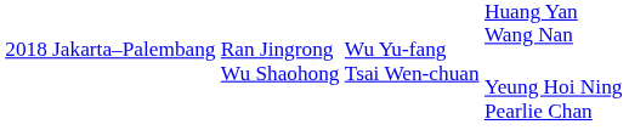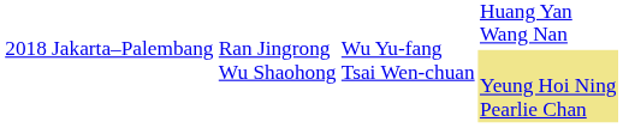 <table>
 <tr>
 <td rowspan=2><a href='#'>2018 Jakarta–Palembang</a></td>
 <td rowspan=2><br><a href='#'>Ran Jingrong</a><br><a href='#'>Wu Shaohong</a></td>
 <td rowspan=2><br><a href='#'>Wu Yu-fang</a><br><a href='#'>Tsai Wen-chuan</a></td>
 <td><br><a href='#'>Huang Yan</a><br><a href='#'>Wang Nan</a></td>
 </tr>
 <tr>
-<td><br><a href='#'>Yeung Hoi Ning</a><br><a href='#'>Pearlie Chan</a></td>
+<td style="background: khaki;"><br><a href='#'>Yeung Hoi Ning</a><br><a href='#'>Pearlie Chan</a></td>
 </tr>
 </table>
